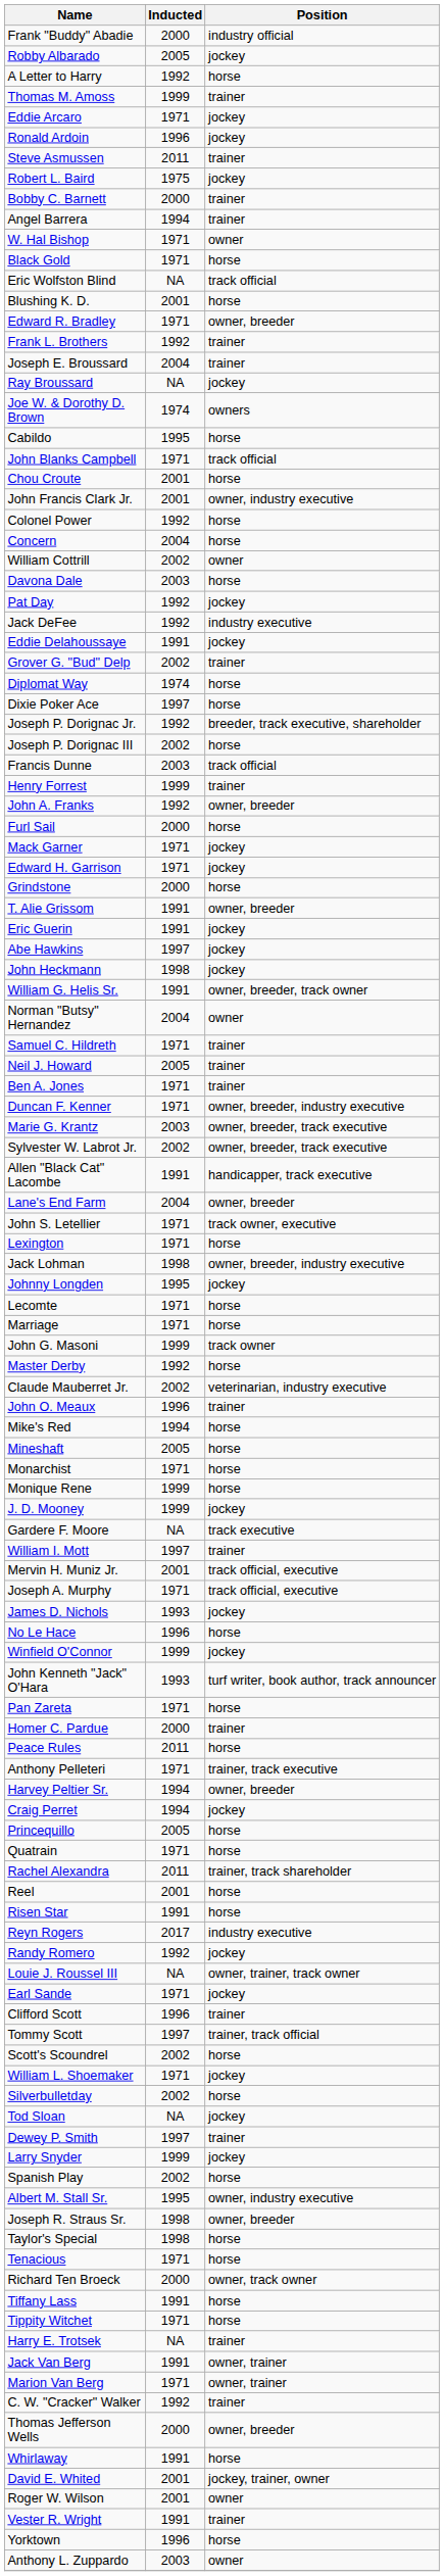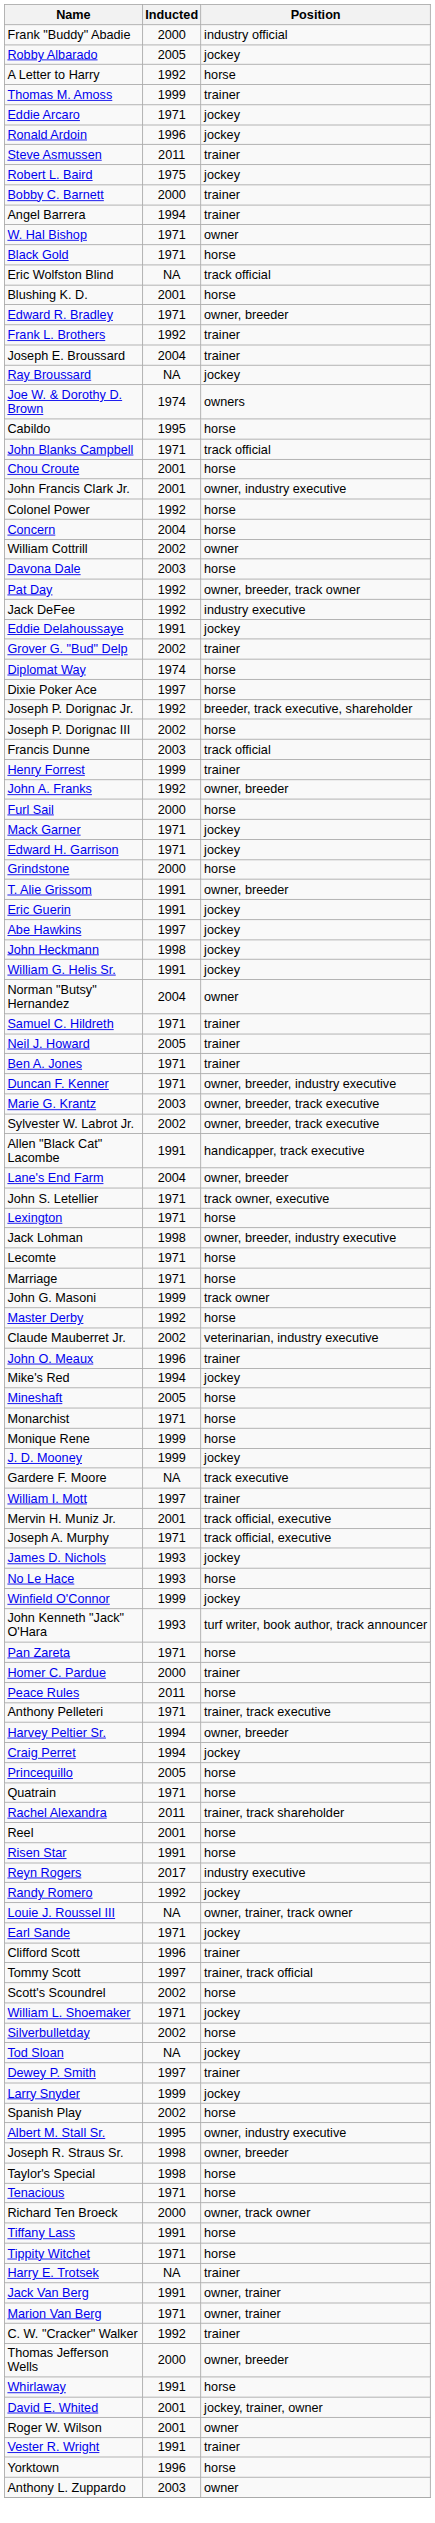 <table class="wikitable sortable" style="font-size:90%">
 <tr>
 <th style="width:150px">Name</th>
 <th style="width:30px">Inducted</th>
 <th style="width:">Position</th>
 </tr>
 <tr>
 <td>Frank "Buddy" Abadie</td>
 <td align=center>2000</td>
 <td>industry official</td>
 </tr>
 <tr>
 <td><a href='#'>Robby Albarado</a></td>
 <td align=center>2005</td>
 <td>jockey</td>
 </tr>
 <tr>
 <td>A Letter to Harry</td>
 <td align=center>1992</td>
 <td>horse</td>
 </tr>
 <tr>
 <td><a href='#'>Thomas M. Amoss</a></td>
 <td align=center>1999</td>
 <td>trainer</td>
 </tr>
 <tr>
 <td><a href='#'>Eddie Arcaro</a></td>
 <td align=center>1971</td>
 <td>jockey</td>
 </tr>
 <tr>
 <td><a href='#'>Ronald Ardoin</a></td>
 <td align=center>1996</td>
 <td>jockey</td>
 </tr>
 <tr>
 <td><a href='#'>Steve Asmussen</a></td>
 <td align=center>2011</td>
 <td>trainer</td>
 </tr>
 <tr>
 <td><a href='#'>Robert L. Baird</a></td>
 <td align=center>1975</td>
 <td>jockey</td>
 </tr>
 <tr>
 <td><a href='#'>Bobby C. Barnett</a></td>
 <td align=center>2000</td>
 <td>trainer</td>
 </tr>
 <tr>
 <td>Angel Barrera</td>
 <td align=center>1994</td>
 <td>trainer</td>
 </tr>
 <tr>
 <td><a href='#'>W. Hal Bishop</a></td>
 <td align=center>1971</td>
 <td>owner</td>
 </tr>
 <tr>
 <td><a href='#'>Black Gold</a></td>
 <td align=center>1971</td>
 <td>horse</td>
 </tr>
 <tr>
 <td>Eric Wolfston Blind</td>
 <td align=center>NA</td>
 <td>track official</td>
 </tr>
 <tr>
 <td>Blushing K. D.</td>
 <td align=center>2001</td>
 <td>horse</td>
 </tr>
 <tr>
 <td><a href='#'>Edward R. Bradley</a></td>
 <td align=center>1971</td>
 <td>owner,  breeder</td>
 </tr>
 <tr>
 <td><a href='#'>Frank L. Brothers</a></td>
 <td align=center>1992</td>
 <td>trainer</td>
 </tr>
 <tr>
 <td>Joseph E. Broussard</td>
 <td align=center>2004</td>
 <td>trainer</td>
 </tr>
 <tr>
 <td><a href='#'>Ray Broussard</a></td>
 <td align=center>NA</td>
 <td>jockey</td>
 </tr>
 <tr>
 <td><a href='#'>Joe W. & Dorothy D. Brown</a></td>
 <td align=center>1974</td>
 <td>owners</td>
 </tr>
 <tr>
 <td>Cabildo</td>
 <td align=center>1995</td>
 <td>horse</td>
 </tr>
 <tr>
 <td><a href='#'>John Blanks Campbell</a></td>
 <td align=center>1971</td>
 <td>track official</td>
 </tr>
 <tr>
 <td><a href='#'>Chou Croute</a></td>
 <td align=center>2001</td>
 <td>horse</td>
 </tr>
 <tr>
 <td>John Francis Clark Jr.</td>
 <td align=center>2001</td>
 <td>owner,  industry executive</td>
 </tr>
 <tr>
 <td>Colonel Power</td>
 <td align=center>1992</td>
 <td>horse</td>
 </tr>
 <tr>
 <td><a href='#'>Concern</a></td>
 <td align=center>2004</td>
 <td>horse</td>
 </tr>
 <tr>
 <td>William Cottrill</td>
 <td align=center>2002</td>
 <td>owner</td>
 </tr>
 <tr>
 <td><a href='#'>Davona Dale</a></td>
 <td align=center>2003</td>
 <td>horse</td>
 </tr>
 <tr>
 <td><a href='#'>Pat Day</a></td>
 <td align=center>1992</td>
-<td>jockey</td>
+<td>owner,  breeder,  track owner</td>
 </tr>
 <tr>
 <td>Jack DeFee</td>
 <td align=center>1992</td>
 <td>industry executive</td>
 </tr>
 <tr>
 <td><a href='#'>Eddie Delahoussaye</a></td>
 <td align=center>1991</td>
 <td>jockey</td>
 </tr>
 <tr>
 <td><a href='#'>Grover G. "Bud" Delp</a></td>
 <td align=center>2002</td>
 <td>trainer</td>
 </tr>
 <tr>
 <td><a href='#'>Diplomat Way</a></td>
 <td align=center>1974</td>
 <td>horse</td>
 </tr>
 <tr>
 <td>Dixie Poker Ace</td>
 <td align=center>1997</td>
 <td>horse</td>
 </tr>
 <tr>
 <td>Joseph P. Dorignac Jr.</td>
 <td align=center>1992</td>
 <td>breeder, track executive, shareholder</td>
 </tr>
 <tr>
 <td>Joseph P. Dorignac III</td>
 <td align=center>2002</td>
 <td>horse</td>
 </tr>
 <tr>
 <td>Francis Dunne</td>
 <td align=center>2003</td>
 <td>track official</td>
 </tr>
 <tr>
 <td><a href='#'>Henry Forrest</a></td>
 <td align=center>1999</td>
 <td>trainer</td>
 </tr>
 <tr>
 <td><a href='#'>John A. Franks</a></td>
 <td align=center>1992</td>
 <td>owner,  breeder</td>
 </tr>
 <tr>
 <td><a href='#'>Furl Sail</a></td>
 <td align=center>2000</td>
 <td>horse</td>
 </tr>
 <tr>
 <td><a href='#'>Mack Garner</a></td>
 <td align=center>1971</td>
 <td>jockey</td>
 </tr>
 <tr>
 <td><a href='#'>Edward H. Garrison</a></td>
 <td align=center>1971</td>
 <td>jockey</td>
 </tr>
 <tr>
 <td><a href='#'>Grindstone</a></td>
 <td align=center>2000</td>
 <td>horse</td>
 </tr>
 <tr>
 <td><a href='#'>T. Alie Grissom</a></td>
 <td align=center>1991</td>
 <td>owner,  breeder</td>
 </tr>
 <tr>
 <td><a href='#'>Eric Guerin</a></td>
 <td align=center>1991</td>
 <td>jockey</td>
 </tr>
 <tr>
 <td><a href='#'>Abe Hawkins</a></td>
 <td align=center>1997</td>
 <td>jockey</td>
 </tr>
 <tr>
 <td><a href='#'>John Heckmann</a></td>
 <td align=center>1998</td>
 <td>jockey</td>
 </tr>
 <tr>
 <td><a href='#'>William G. Helis Sr.</a></td>
 <td align=center>1991</td>
-<td>owner,  breeder,  track owner</td>
+<td>jockey</td>
 </tr>
 <tr>
 <td>Norman "Butsy" Hernandez</td>
 <td align=center>2004</td>
 <td>owner</td>
 </tr>
 <tr>
 <td><a href='#'>Samuel C. Hildreth</a></td>
 <td align=center>1971</td>
 <td>trainer</td>
 </tr>
 <tr>
 <td><a href='#'>Neil J. Howard</a></td>
 <td align=center>2005</td>
 <td>trainer</td>
 </tr>
 <tr>
 <td><a href='#'>Ben A. Jones</a></td>
 <td align=center>1971</td>
 <td>trainer</td>
 </tr>
 <tr>
 <td><a href='#'>Duncan F. Kenner</a></td>
 <td align=center>1971</td>
 <td>owner,  breeder,  industry executive</td>
 </tr>
 <tr>
 <td><a href='#'>Marie G. Krantz</a></td>
 <td align=center>2003</td>
 <td>owner,  breeder,  track executive</td>
 </tr>
 <tr>
 <td>Sylvester W. Labrot Jr.</td>
 <td align=center>2002</td>
 <td>owner,  breeder,  track executive</td>
 </tr>
 <tr>
 <td>Allen "Black Cat" Lacombe</td>
 <td align=center>1991</td>
 <td>handicapper,  track executive</td>
 </tr>
 <tr>
 <td><a href='#'>Lane's End Farm</a></td>
 <td align=center>2004</td>
 <td>owner,  breeder</td>
 </tr>
 <tr>
 <td>John S. Letellier</td>
 <td align=center>1971</td>
 <td>track owner,  executive</td>
 </tr>
 <tr>
 <td><a href='#'>Lexington</a></td>
 <td align=center>1971</td>
 <td>horse</td>
 </tr>
 <tr>
 <td>Jack Lohman</td>
 <td align=center>1998</td>
 <td>owner,  breeder,  industry executive</td>
 </tr>
 <tr>
-<td><a href='#'>Johnny Longden</a></td>
-<td align=center>1995</td>
-<td>jockey</td>
-</tr>
-<tr>
 <td>Lecomte</td>
 <td align=center>1971</td>
 <td>horse</td>
 </tr>
 <tr>
 <td>Marriage</td>
 <td align=center>1971</td>
 <td>horse</td>
 </tr>
 <tr>
 <td>John G. Masoni</td>
 <td align=center>1999</td>
 <td>track owner</td>
 </tr>
 <tr>
 <td><a href='#'>Master Derby</a></td>
 <td align=center>1992</td>
 <td>horse</td>
 </tr>
 <tr>
 <td>Claude Mauberret Jr.</td>
 <td align=center>2002</td>
 <td>veterinarian, industry executive</td>
 </tr>
 <tr>
 <td><a href='#'>John O. Meaux</a></td>
 <td align=center>1996</td>
 <td>trainer</td>
 </tr>
 <tr>
 <td>Mike's Red</td>
 <td align=center>1994</td>
-<td>horse</td>
+<td>jockey</td>
 </tr>
 <tr>
 <td><a href='#'>Mineshaft</a></td>
 <td align=center>2005</td>
 <td>horse</td>
 </tr>
 <tr>
 <td>Monarchist</td>
 <td align=center>1971</td>
 <td>horse</td>
 </tr>
 <tr>
 <td>Monique Rene</td>
 <td align=center>1999</td>
 <td>horse</td>
 </tr>
 <tr>
 <td><a href='#'>J. D. Mooney</a></td>
 <td align=center>1999</td>
 <td>jockey</td>
 </tr>
 <tr>
 <td>Gardere F. Moore</td>
 <td align=center>NA</td>
 <td>track executive</td>
 </tr>
 <tr>
 <td><a href='#'>William I. Mott</a></td>
 <td align=center>1997</td>
 <td>trainer</td>
 </tr>
 <tr>
 <td>Mervin H. Muniz Jr.</td>
 <td align=center>2001</td>
 <td>track official,  executive</td>
 </tr>
 <tr>
 <td>Joseph A. Murphy</td>
 <td align=center>1971</td>
 <td>track official,  executive</td>
 </tr>
 <tr>
 <td><a href='#'>James D. Nichols</a></td>
 <td align=center>1993</td>
 <td>jockey</td>
 </tr>
 <tr>
 <td><a href='#'>No Le Hace</a></td>
-<td align=center>1996</td>
+<td align=center>1993</td>
 <td>horse</td>
 </tr>
 <tr>
 <td><a href='#'>Winfield O'Connor</a></td>
 <td align=center>1999</td>
 <td>jockey</td>
 </tr>
 <tr>
 <td>John Kenneth "Jack" O'Hara</td>
 <td align=center>1993</td>
 <td>turf writer, book author, track announcer</td>
 </tr>
 <tr>
 <td><a href='#'>Pan Zareta</a></td>
 <td align=center>1971</td>
 <td>horse</td>
 </tr>
 <tr>
 <td><a href='#'>Homer C. Pardue</a></td>
 <td align=center>2000</td>
 <td>trainer</td>
 </tr>
 <tr>
 <td><a href='#'>Peace Rules</a></td>
 <td align=center>2011</td>
 <td>horse</td>
 </tr>
 <tr>
 <td>Anthony Pelleteri</td>
 <td align=center>1971</td>
 <td>trainer,  track executive</td>
 </tr>
 <tr>
 <td><a href='#'>Harvey Peltier Sr.</a></td>
 <td align=center>1994</td>
 <td>owner,  breeder</td>
 </tr>
 <tr>
 <td><a href='#'>Craig Perret</a></td>
 <td align=center>1994</td>
 <td>jockey</td>
 </tr>
 <tr>
 <td><a href='#'>Princequillo</a></td>
 <td align=center>2005</td>
 <td>horse</td>
 </tr>
 <tr>
 <td>Quatrain</td>
 <td align=center>1971</td>
 <td>horse</td>
 </tr>
 <tr>
 <td><a href='#'>Rachel Alexandra</a></td>
 <td align=center>2011</td>
 <td>trainer, track shareholder</td>
 </tr>
 <tr>
 <td>Reel</td>
 <td align=center>2001</td>
 <td>horse</td>
 </tr>
 <tr>
 <td><a href='#'>Risen Star</a></td>
 <td align=center>1991</td>
 <td>horse</td>
 </tr>
 <tr>
 <td><a href='#'>Reyn Rogers</a></td>
 <td align=center>2017</td>
 <td>industry executive</td>
 </tr>
 <tr>
 <td><a href='#'>Randy Romero</a></td>
 <td align=center>1992</td>
 <td>jockey</td>
 </tr>
 <tr>
 <td><a href='#'>Louie J. Roussel III</a></td>
 <td align=center>NA</td>
 <td>owner,  trainer,  track owner</td>
 </tr>
 <tr>
 <td><a href='#'>Earl Sande</a></td>
 <td align=center>1971</td>
 <td>jockey</td>
 </tr>
 <tr>
 <td>Clifford Scott</td>
 <td align=center>1996</td>
 <td>trainer</td>
 </tr>
 <tr>
 <td>Tommy Scott</td>
 <td align=center>1997</td>
 <td>trainer,  track official</td>
 </tr>
 <tr>
 <td>Scott's Scoundrel</td>
 <td align=center>2002</td>
 <td>horse</td>
 </tr>
 <tr>
 <td><a href='#'>William L. Shoemaker</a></td>
 <td align=center>1971</td>
 <td>jockey</td>
 </tr>
 <tr>
 <td><a href='#'>Silverbulletday</a></td>
 <td align=center>2002</td>
 <td>horse</td>
 </tr>
 <tr>
 <td><a href='#'>Tod Sloan</a></td>
 <td align=center>NA</td>
 <td>jockey</td>
 </tr>
 <tr>
 <td><a href='#'>Dewey P. Smith</a></td>
 <td align=center>1997</td>
 <td>trainer</td>
 </tr>
 <tr>
 <td><a href='#'>Larry Snyder</a></td>
 <td align=center>1999</td>
 <td>jockey</td>
 </tr>
 <tr>
 <td>Spanish Play</td>
 <td align=center>2002</td>
 <td>horse</td>
 </tr>
 <tr>
 <td><a href='#'>Albert M. Stall Sr.</a></td>
 <td align=center>1995</td>
 <td>owner,  industry executive</td>
 </tr>
 <tr>
 <td>Joseph R. Straus Sr.</td>
 <td align=center>1998</td>
 <td>owner,  breeder</td>
 </tr>
 <tr>
 <td>Taylor's Special</td>
 <td align=center>1998</td>
 <td>horse</td>
 </tr>
 <tr>
 <td><a href='#'>Tenacious</a></td>
 <td align=center>1971</td>
 <td>horse</td>
 </tr>
 <tr>
 <td>Richard Ten Broeck</td>
 <td align=center>2000</td>
 <td>owner,  track owner</td>
 </tr>
 <tr>
 <td><a href='#'>Tiffany Lass</a></td>
 <td align=center>1991</td>
 <td>horse</td>
 </tr>
 <tr>
 <td><a href='#'>Tippity Witchet</a></td>
 <td align=center>1971</td>
 <td>horse</td>
 </tr>
 <tr>
 <td><a href='#'>Harry E. Trotsek</a></td>
 <td align=center>NA</td>
 <td>trainer</td>
 </tr>
 <tr>
 <td><a href='#'>Jack Van Berg</a></td>
 <td align=center>1991</td>
 <td>owner, trainer</td>
 </tr>
 <tr>
 <td><a href='#'>Marion Van Berg</a></td>
 <td align=center>1971</td>
 <td>owner,  trainer</td>
 </tr>
 <tr>
 <td>C. W. "Cracker" Walker</td>
 <td align=center>1992</td>
 <td>trainer</td>
 </tr>
 <tr>
 <td>Thomas Jefferson Wells</td>
 <td align=center>2000</td>
 <td>owner,  breeder</td>
 </tr>
 <tr>
 <td><a href='#'>Whirlaway</a></td>
 <td align=center>1991</td>
 <td>horse</td>
 </tr>
 <tr>
 <td><a href='#'>David E. Whited</a></td>
 <td align=center>2001</td>
 <td>jockey,  trainer,  owner</td>
 </tr>
 <tr>
 <td>Roger W. Wilson</td>
 <td align=center>2001</td>
 <td>owner</td>
 </tr>
 <tr>
 <td><a href='#'>Vester R. Wright</a></td>
 <td align=center>1991</td>
 <td>trainer</td>
 </tr>
 <tr>
 <td>Yorktown</td>
 <td align=center>1996</td>
 <td>horse</td>
 </tr>
 <tr>
 <td>Anthony L. Zuppardo</td>
 <td align=center>2003</td>
 <td>owner</td>
 </tr>
 <tr>
 </tr>
 </table>
